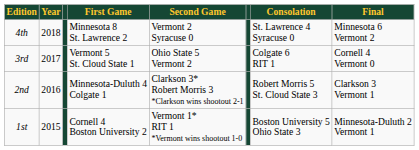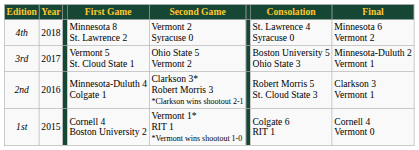 <table class="wikitable">
 <tr align="center"  style="background:#154734;color:#FFC72C;">
 <td><strong>Edition</strong></td>
 <td><strong>Year</strong></td>
 <td></td>
 <td><strong>First Game</strong></td>
 <td><strong>Second Game</strong></td>
 <td></td>
 <td><strong>Consolation</strong></td>
 <td><strong>Final</strong></td>
 </tr>
 <tr align="center" bgcolor="">
 <td><em>4th</em></td>
 <td>2018</td>
 <td style="background:#154734;"></td>
 <td align="left">Minnesota 8 <br> St. Lawrence 2</td>
 <td align="left">Vermont 2 <br> Syracuse 0</td>
 <td style="background:#154734;"></td>
 <td align="left">St. Lawrence 4 <br> Syracuse 0</td>
 <td align="left">Minnesota 6 <br> Vermont 2</td>
 </tr>
 <tr align="center" bgcolor="">
 <td><em>3rd</em></td>
 <td>2017</td>
 <td style="background:#154734;"></td>
 <td align="left">Vermont 5 <br> St. Cloud State 1</td>
 <td align="left">Ohio State 5 <br> Vermont 2</td>
 <td style="background:#154734;"></td>
-<td align="left">Colgate 6 <br> RIT 1</td>
-<td align="left">Cornell 4 <br> Vermont 0</td>
+<td align="left">Boston University 5 <br> Ohio State 3</td>
+<td align="left">Minnesota-Duluth 2 <br> Vermont 1</td>
 </tr>
 <tr align="center" bgcolor="">
 <td><em>2nd</em></td>
 <td>2016</td>
 <td style="background:#154734;"></td>
 <td align="left">Minnesota-Duluth 4 <br> Colgate 1</td>
 <td align="left">Clarkson 3* <br> Robert Morris 3 <br> <small>*Clarkson wins shootout 2-1</small></td>
 <td style="background:#154734;"></td>
 <td align="left">Robert Morris 5 <br> St. Cloud State 3</td>
 <td align="left">Clarkson 3 <br> Vermont 1</td>
 </tr>
 <tr align="center" bgcolor="">
 <td><em>1st</em></td>
 <td>2015</td>
 <td style="background:#154734;"></td>
 <td align="left">Cornell 4 <br> Boston University 2</td>
 <td align="left">Vermont 1* <br> RIT 1 <br> <small>*Vermont wins shootout 1-0</small></td>
 <td style="background:#154734;"></td>
-<td align="left">Boston University 5 <br> Ohio State 3</td>
-<td align="left">Minnesota-Duluth 2 <br> Vermont 1</td>
+<td align="left">Colgate 6 <br> RIT 1</td>
+<td align="left">Cornell 4 <br> Vermont 0</td>
 </tr>
 </table>
